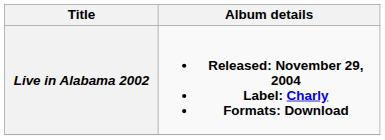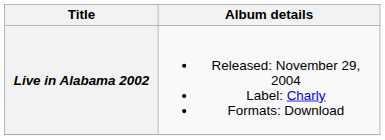 <table class="wikitable plainrowheaders" style="text-align:center;" border="1">
 <tr>
 <th rowspan="1" style="width:11em;">Title</th>
 <th rowspan="1" style="width:16em;">Album details</th>
 </tr>
 <tr>
 <th scope="row"><em>Live in Alabama 2002</em></th>
-<td><strong><br><ul><li>Released: November 29, 2004</li><li>Label: <a href='#'>Charly</a></li><li>Formats: Download</li></ul></strong></td>
+<td><br><ul><li>Released: November 29, 2004</li><li>Label: <a href='#'>Charly</a></li><li>Formats: Download</li></ul></td>
 </tr>
 <tr>
 </tr>
 </table>
